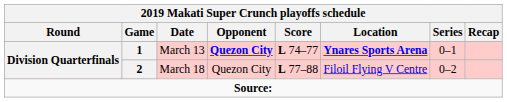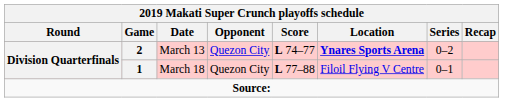 <table class="wikitable" style="text-align:center">
 <tr>
 <th colspan=8>2019 Makati Super Crunch playoffs schedule</th>
 </tr>
 <tr>
 <th>Round</th>
 <th>Game</th>
 <th>Date</th>
 <th>Opponent</th>
 <th>Score</th>
 <th>Location</th>
 <th>Series</th>
 <th>Recap<br></th>
 </tr>
 <tr style="background:#fcc">
 <th rowspan=2>Division Quarterfinals</th>
-<th>1</th>
+<th>2</th>
 <td>March 13</td>
-<td><strong><a href='#'>Quezon City</a></strong></td>
+<td><a href='#'>Quezon City</a></td>
 <td><strong>L</strong> 74–77</td>
 <td><strong><a href='#'>Ynares Sports Arena</a></strong></td>
-<td>0–1</td>
+<td>0–2</td>
 <td></td>
 </tr>
 <tr style="background:#fcc">
-<th>2</th>
+<th>1</th>
 <td>March 18</td>
 <td>Quezon City</td>
 <td><strong>L</strong> 77–88</td>
 <td><a href='#'>Filoil Flying V Centre</a></td>
-<td>0–2</td>
+<td>0–1</td>
 <td></td>
 </tr>
 <tr>
 <td colspan=8 align=center><strong>Source: </strong></td>
 </tr>
 </table>
